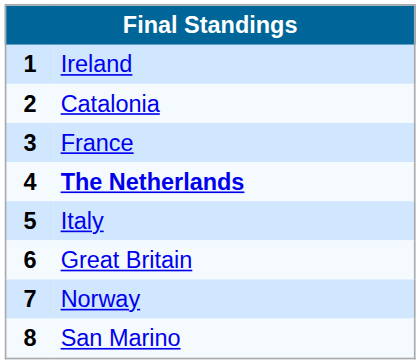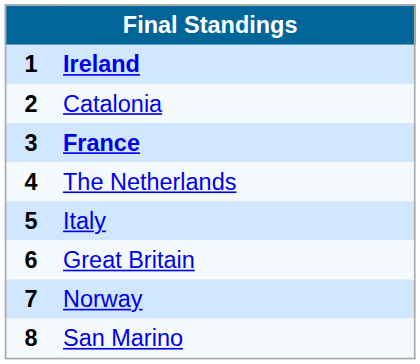 <table align=center cellpadding="4" cellspacing="0" style="background: #f9f9f9; border: 1px #aaa solid; border-collapse: collapse; font-size: 90%;" width=20%>
 <tr align=center style="background:#006699; color:white;">
 <th width=100% colspan=2>Final Standings</th>
 </tr>
 <tr align=center style="background:#D0E7FF;">
 <td><strong>1</strong></td>
-<td align=left> <a href='#'>Ireland</a></td>
+<td align=left><strong> <a href='#'>Ireland</a></strong></td>
 </tr>
 <tr align=center style="background:#F5FAFF;">
 <td><strong>2</strong></td>
 <td align=left> <a href='#'>Catalonia</a></td>
 </tr>
 <tr align=center style="background:#D0E7FF;">
 <td><strong>3</strong></td>
-<td align=left> <a href='#'>France</a></td>
+<td align=left><strong> <a href='#'>France</a></strong></td>
 </tr>
 <tr align=center style="background:#F5FAFF;">
 <td><strong>4</strong></td>
-<td align=left><strong> <a href='#'>The Netherlands</a></strong></td>
+<td align=left> <a href='#'>The Netherlands</a></td>
 </tr>
 <tr align=center style="background:#D0E7FF;">
 <td><strong>5</strong></td>
 <td align=left> <a href='#'>Italy</a></td>
 </tr>
 <tr align=center style="background:#F5FAFF;">
 <td><strong>6</strong></td>
 <td align=left> <a href='#'>Great Britain</a></td>
 </tr>
 <tr align=center style="background:#D0E7FF;">
 <td><strong>7</strong></td>
 <td align=left> <a href='#'>Norway</a></td>
 </tr>
 <tr align=center style="background:#F5FAFF;">
 <td><strong>8</strong></td>
 <td align=left> <a href='#'>San Marino</a></td>
 </tr>
 </table>
